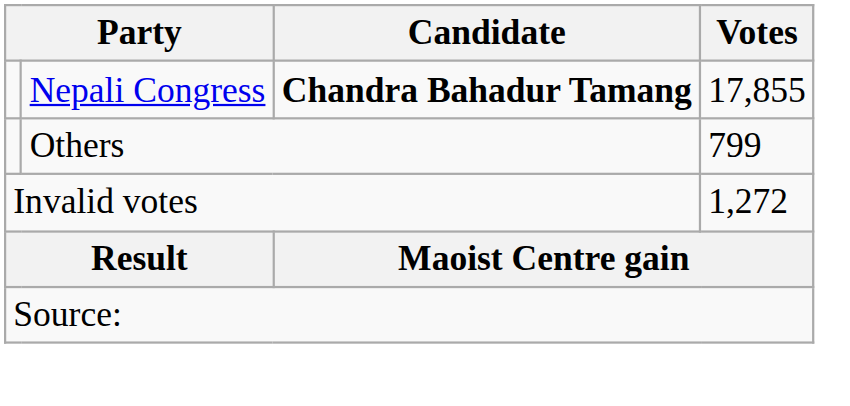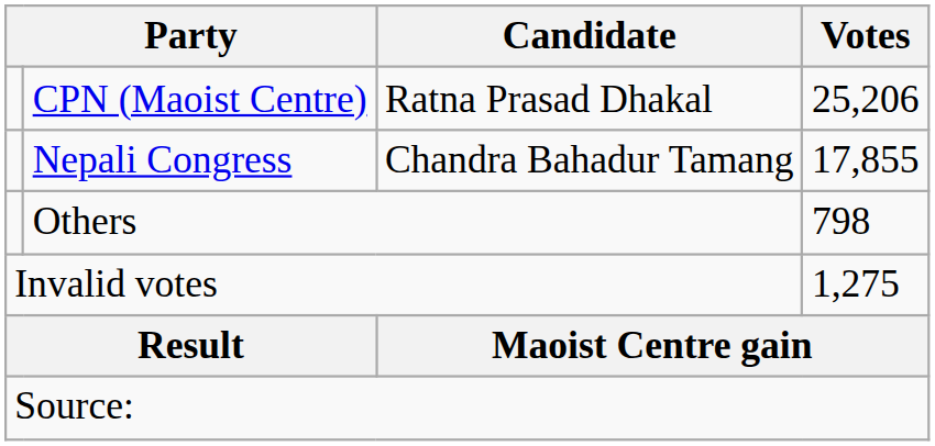 <table class="wikitable">
 <tr>
 <th colspan="2">Party</th>
 <th>Candidate</th>
 <th>Votes</th>
 </tr>
 <tr>
 <td style="background-color:"></td>
+<td><a href='#'>CPN (Maoist Centre)</a></td>
+<td>Ratna Prasad Dhakal</td>
+<td>25,206</td>
+</tr>
+<tr>
+<td style="background-color:"></td>
 <td><a href='#'>Nepali Congress</a></td>
-<td><strong>Chandra Bahadur Tamang</strong></td>
+<td>Chandra Bahadur Tamang</td>
 <td>17,855</td>
 </tr>
 <tr>
 <td></td>
 <td colspan="2">Others</td>
-<td>799</td>
+<td>798</td>
 </tr>
 <tr>
 <td colspan="3">Invalid votes</td>
-<td>1,272</td>
+<td>1,275</td>
 </tr>
 <tr>
 <th colspan="2">Result</th>
 <th colspan="2">Maoist Centre gain</th>
 </tr>
 <tr>
 <td colspan="4">Source: </td>
 </tr>
 </table>
